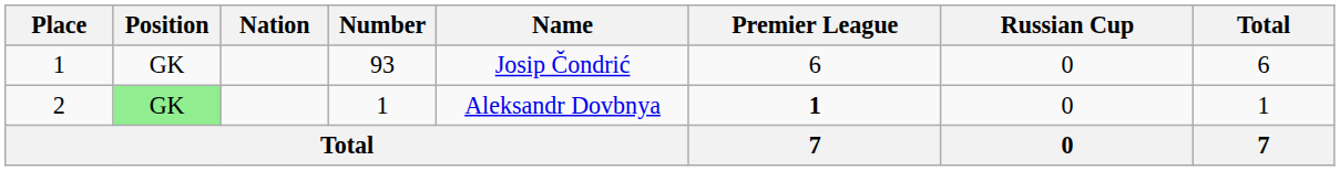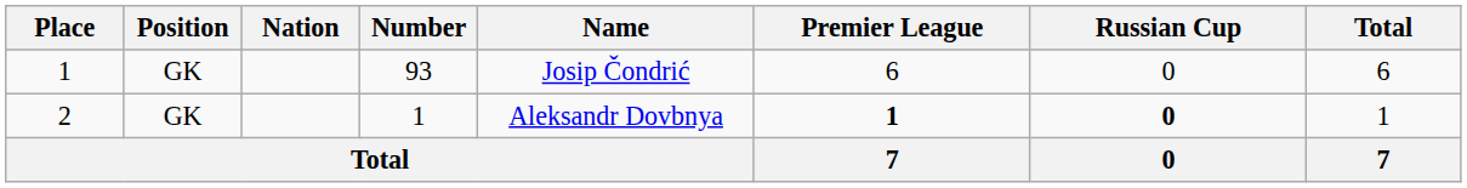 <table class="wikitable" style="font-size: 95%; text-align: center;">
 <tr>
 <th width=60>Place</th>
 <th width=60>Position</th>
 <th width=60>Nation</th>
 <th width=60>Number</th>
 <th width=150>Name</th>
 <th width=150>Premier League</th>
 <th width=150>Russian Cup</th>
 <th width=80>Total</th>
 </tr>
 <tr>
 <td>1</td>
 <td>GK</td>
 <td></td>
 <td>93</td>
 <td><a href='#'>Josip Čondrić</a></td>
 <td>6</td>
 <td>0</td>
 <td>6</td>
 </tr>
 <tr>
 <td>2</td>
-<td style="background: lightgreen;">GK</td>
+<td>GK</td>
 <td></td>
 <td>1</td>
 <td><a href='#'>Aleksandr Dovbnya</a></td>
 <td><strong>1</strong></td>
-<td>0</td>
+<td><strong>0</strong></td>
 <td>1</td>
 </tr>
 <tr>
 <th colspan=5>Total</th>
 <th>7</th>
 <th>0</th>
 <th>7</th>
 </tr>
 </table>
